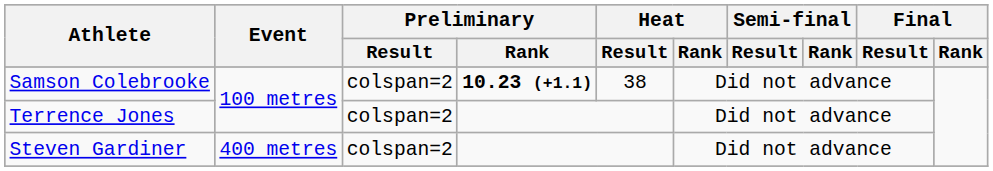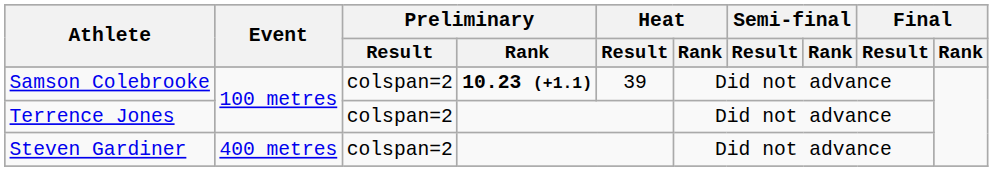 <table class=wikitable style=font-size:90%>
 <tr>
 <th rowspan=2>Athlete</th>
 <th rowspan=2>Event</th>
 <th colspan=2>Preliminary</th>
 <th colspan=2>Heat</th>
 <th colspan=2>Semi-final</th>
 <th colspan=2>Final</th>
 </tr>
 <tr style=font-size:95%>
 <th>Result</th>
 <th>Rank</th>
 <th>Result</th>
 <th>Rank</th>
 <th>Result</th>
 <th>Rank</th>
 <th>Result</th>
 <th>Rank</th>
 </tr>
 <tr align=center>
 <td align=left><a href='#'>Samson Colebrooke</a></td>
 <td align=left rowspan=2><a href='#'>100 metres</a></td>
 <td>colspan=2</td>
 <td><strong>10.23 <small>(+1.1)</small></strong></td>
-<td>38</td>
+<td>39</td>
 <td colspan=4>Did not advance</td>
 </tr>
 <tr align=center>
 <td align=left><a href='#'>Terrence Jones</a></td>
 <td>colspan=2</td>
 <td colspan=2></td>
 <td colspan=4>Did not advance</td>
 </tr>
 <tr align=center>
 <td align=left><a href='#'>Steven Gardiner</a></td>
 <td align=left><a href='#'>400 metres</a></td>
 <td>colspan=2</td>
 <td colspan=2></td>
 <td colspan=4>Did not advance</td>
 </tr>
 </table>
